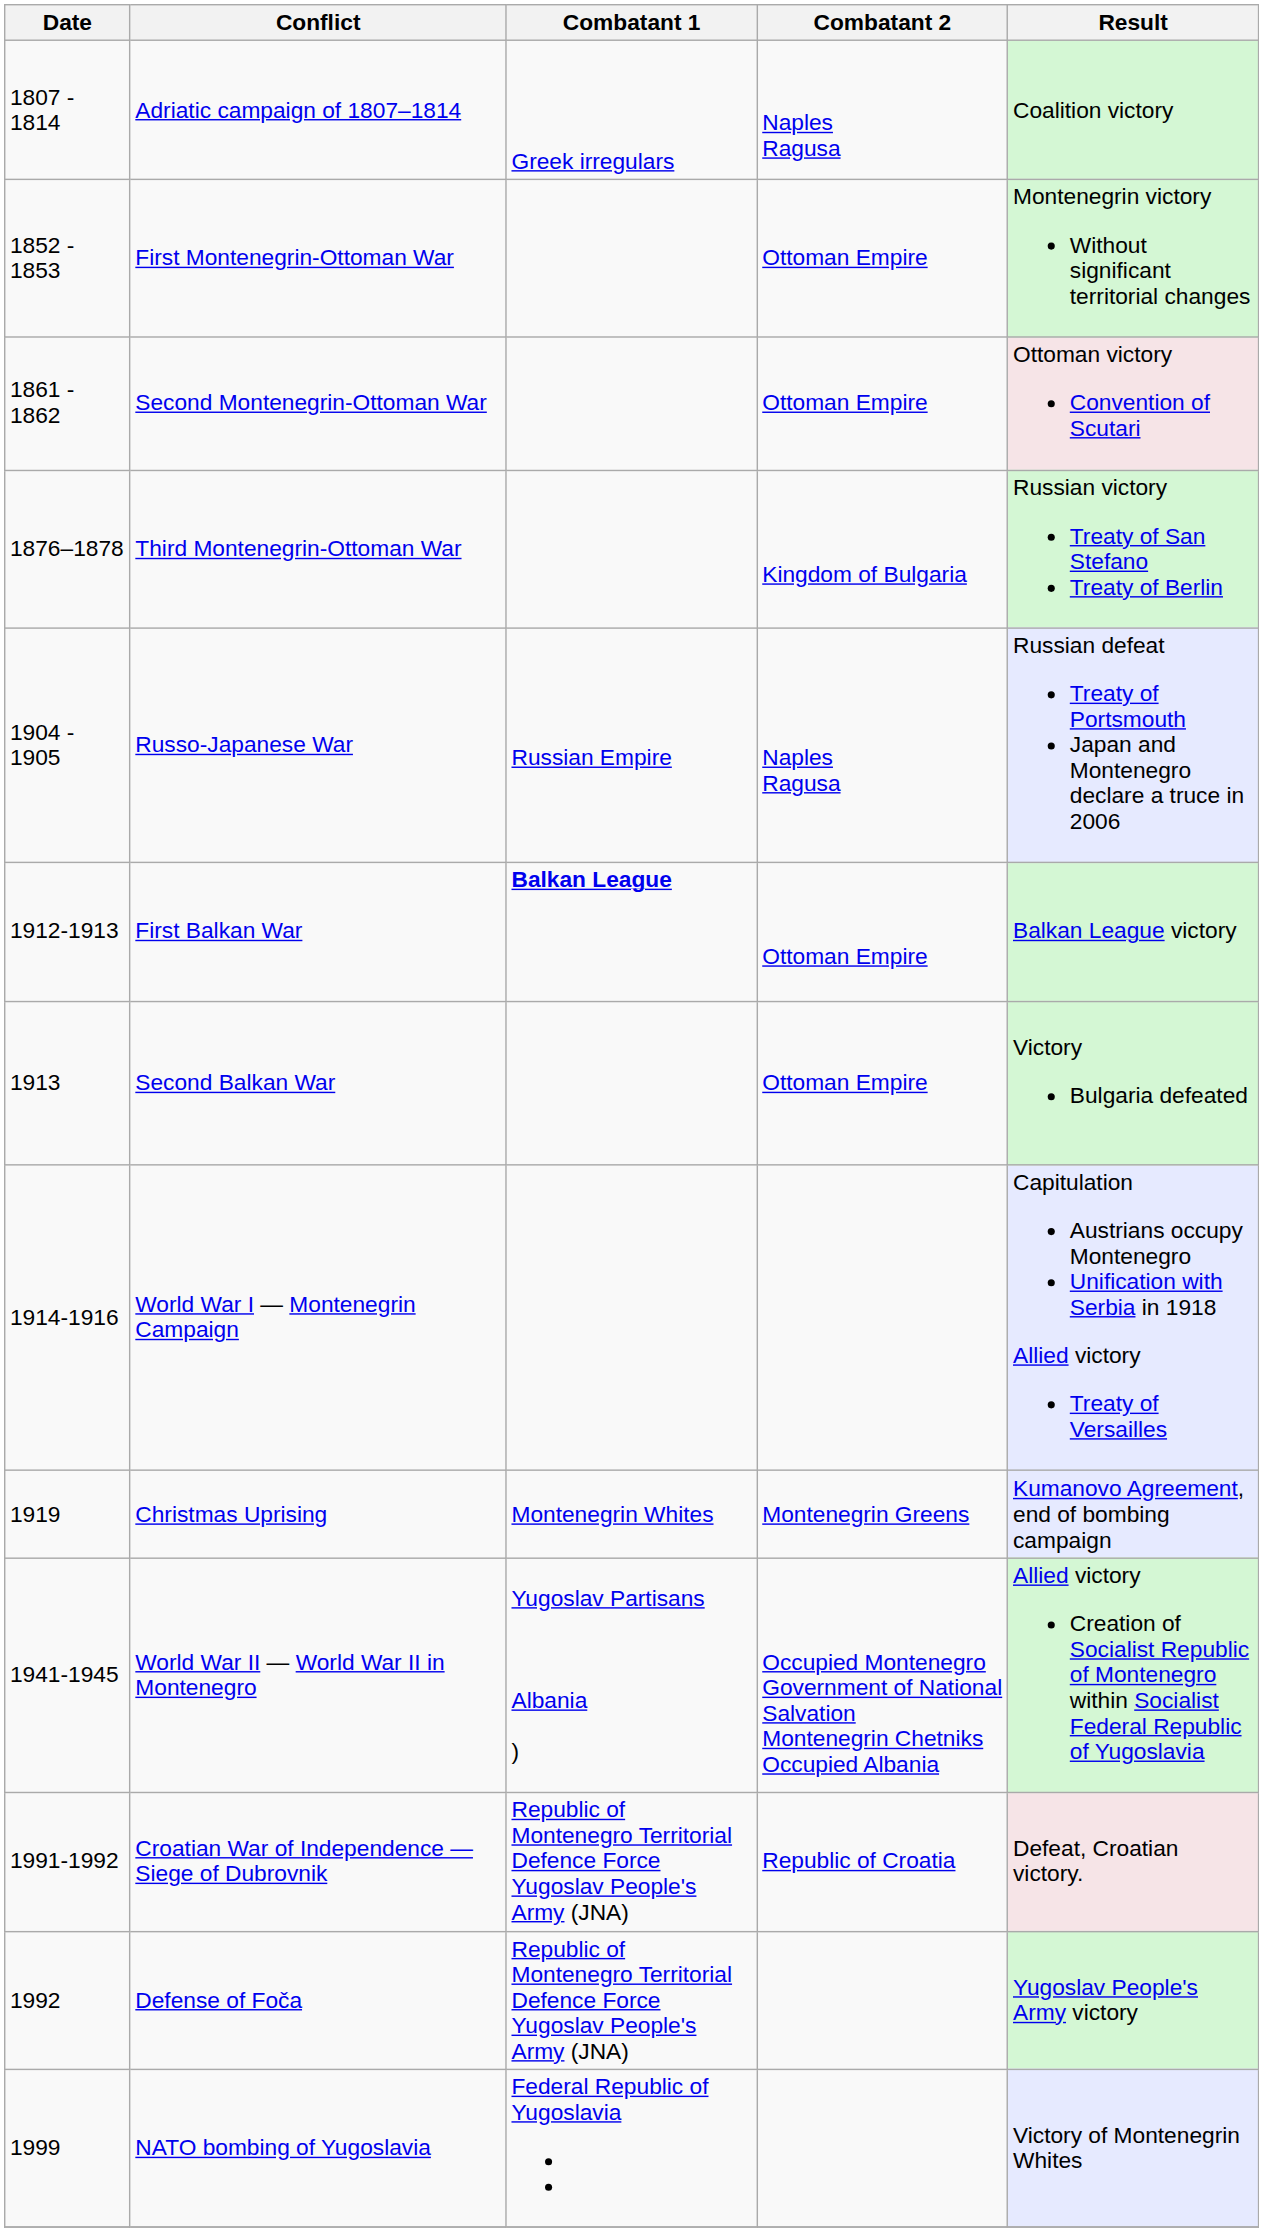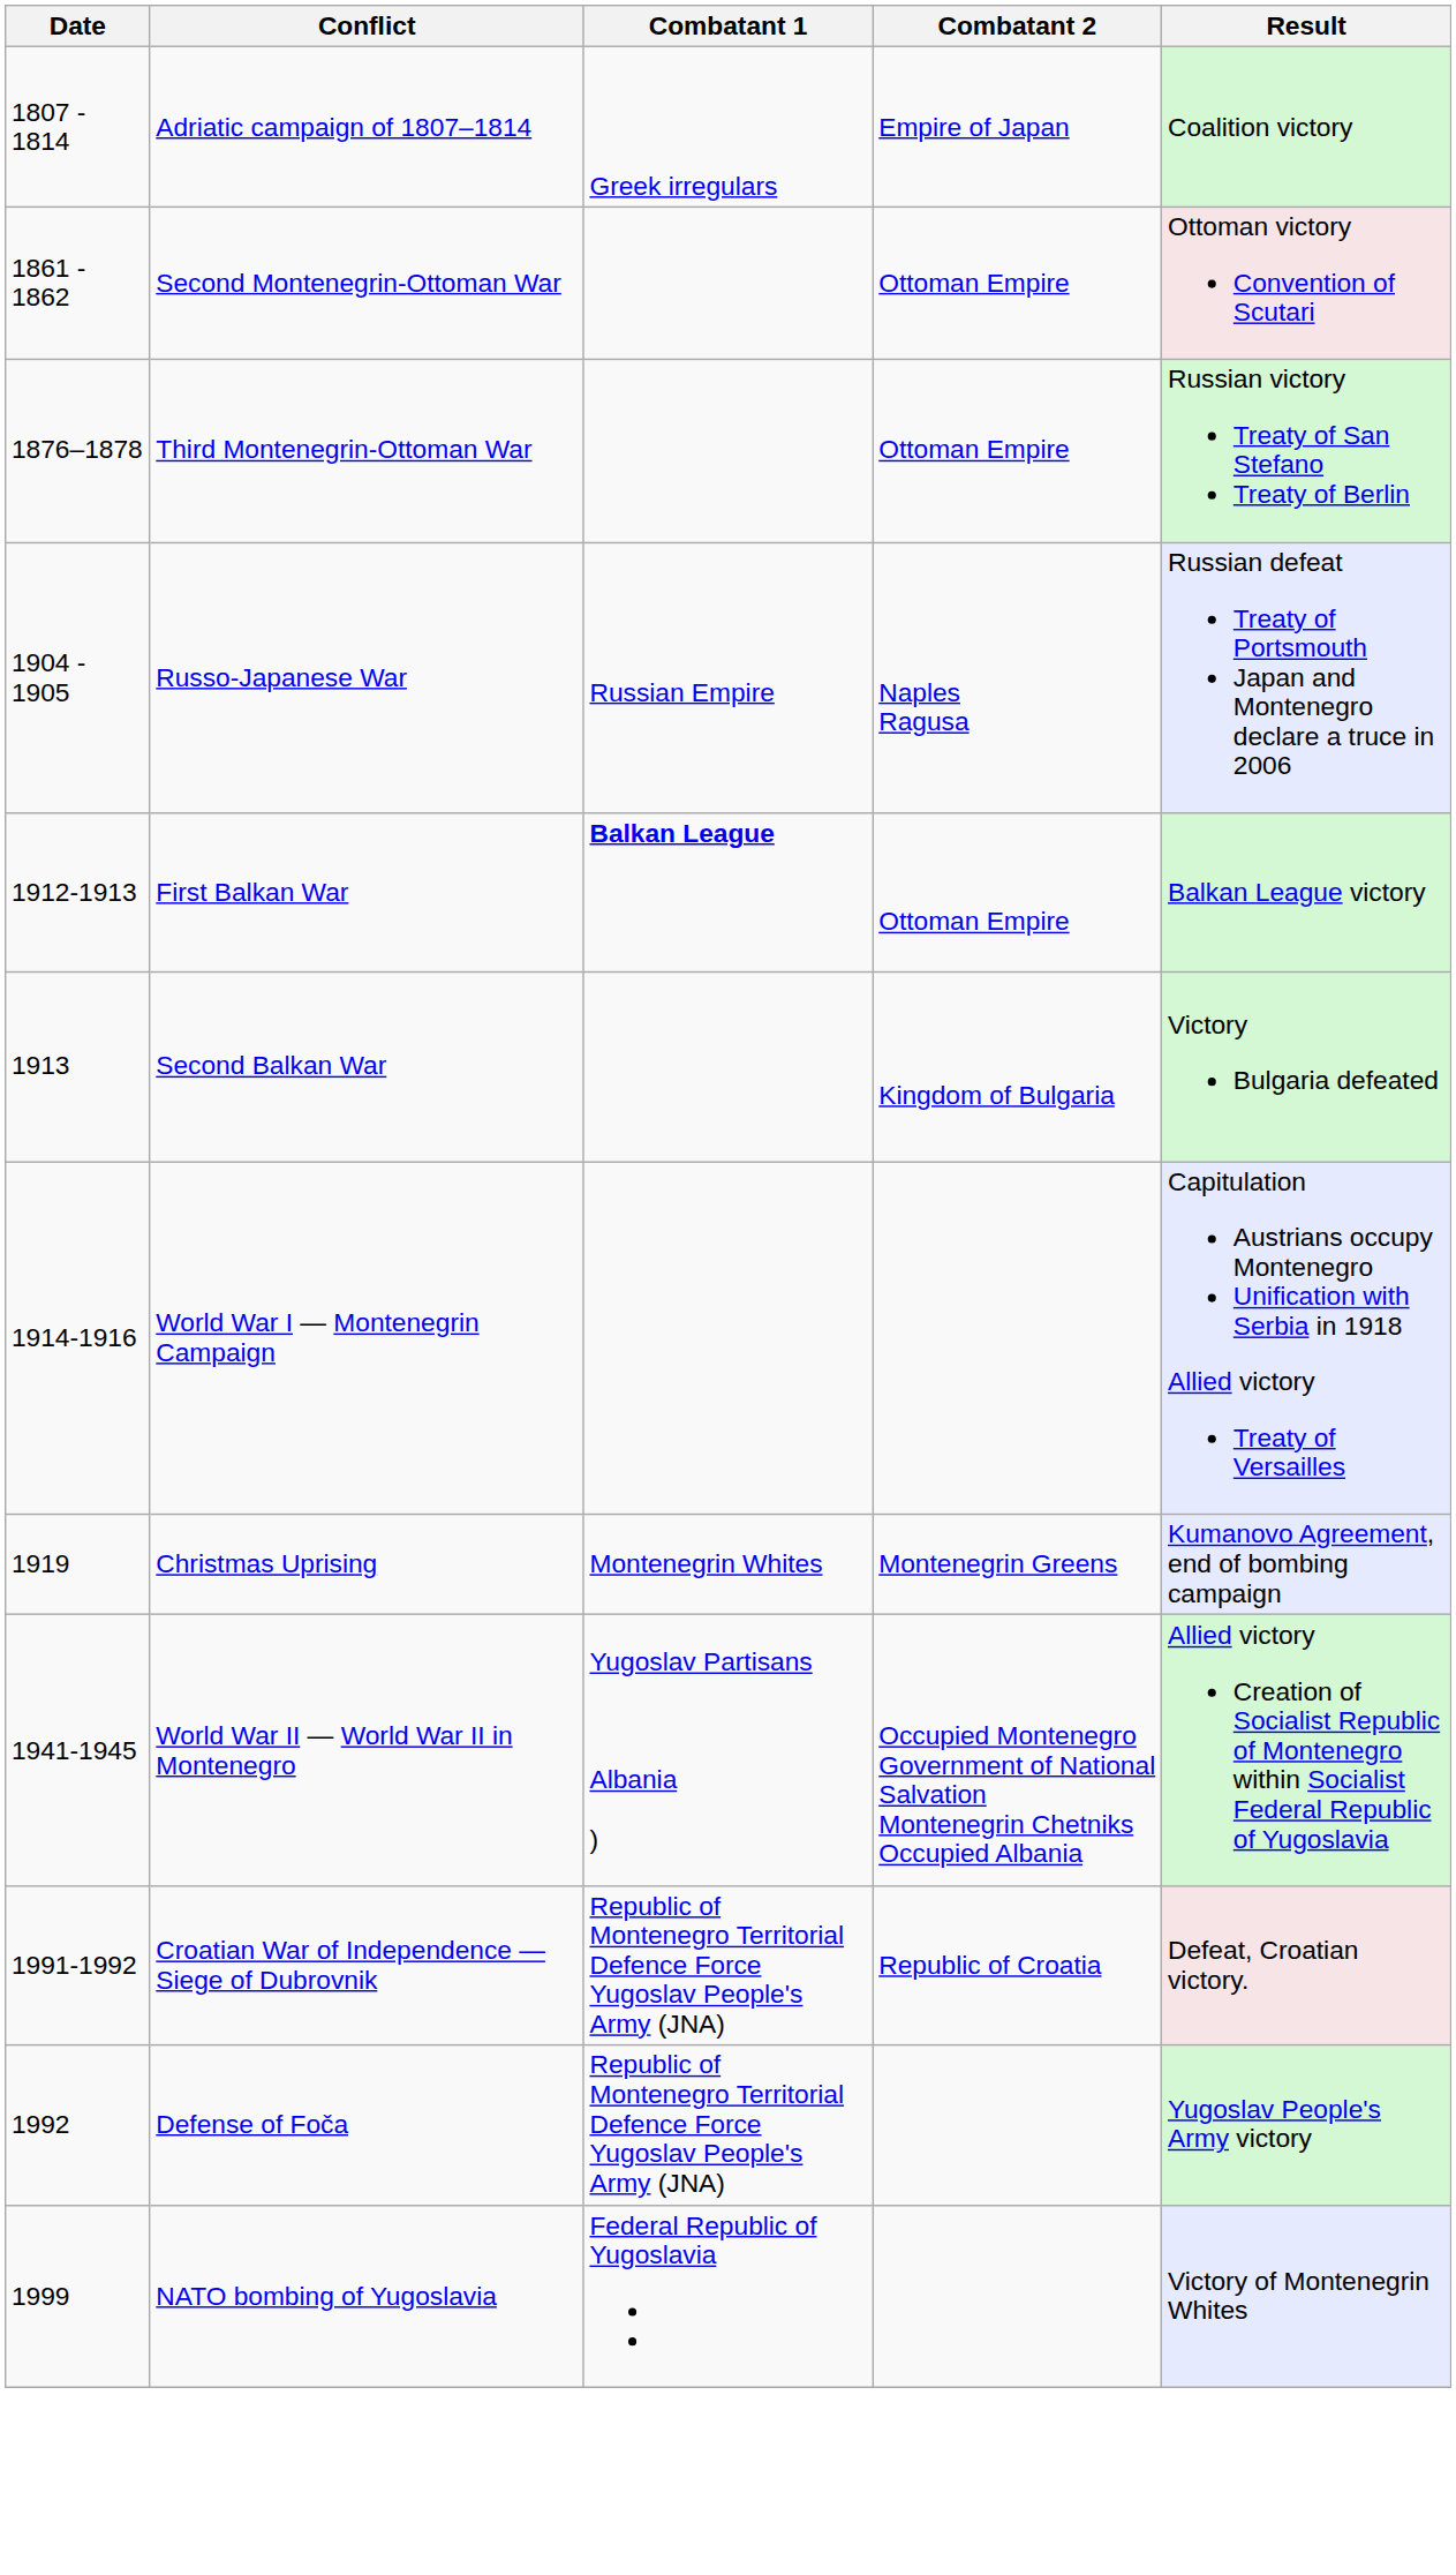 <table class="wikitable" width="100%">
 <tr>
 <th width="10%">Date</th>
 <th width="30%">Conflict</th>
 <th width="20%">Combatant 1</th>
 <th width="20%">Combatant 2</th>
 <th width="20%">Result</th>
 </tr>
 <tr>
 <td>1807 - 1814</td>
 <td><a href='#'>Adriatic campaign of 1807–1814</a></td>
 <td><br> <br>  <br>  <br>  <a href='#'>Greek irregulars</a></td>
-<td> <br>  <br>  <a href='#'>Naples</a><br> <a href='#'>Ragusa</a></td>
+<td> <a href='#'>Empire of Japan</a></td>
 <td style="background:#D4F7D4">Coalition victory</td>
-</tr>
-<tr>
-<td>1852 - 1853</td>
-<td><a href='#'>First Montenegrin-Ottoman War</a></td>
-<td><br></td>
-<td> <a href='#'>Ottoman Empire</a></td>
-<td style="background:#D4F7D4">Montenegrin victory<br><ul><li>Without significant territorial changes</li></ul></td>
 </tr>
 <tr>
 <td>1861 - 1862</td>
 <td><a href='#'>Second Montenegrin-Ottoman War</a></td>
 <td><br></td>
 <td> <a href='#'>Ottoman Empire</a></td>
 <td style="background:#F6E4E7">Ottoman victory<br><ul><li><a href='#'>Convention of Scutari</a></li></ul></td>
 </tr>
 <tr>
 <td>1876–1878</td>
 <td><a href='#'>Third Montenegrin-Ottoman War</a></td>
 <td><br></td>
-<td><br><br> <a href='#'>Kingdom of Bulgaria</a></td>
+<td> <a href='#'>Ottoman Empire</a></td>
 <td style="background:#D4F7D4">Russian victory<br><ul><li><a href='#'>Treaty of San Stefano</a></li><li><a href='#'>Treaty of Berlin</a></li></ul></td>
 </tr>
 <tr>
 <td>1904 - 1905</td>
 <td><a href='#'>Russo-Japanese War</a></td>
 <td><br> <a href='#'>Russian Empire</a><br> </td>
 <td> <br>  <br>  <a href='#'>Naples</a><br> <a href='#'>Ragusa</a></td>
 <td style="background:#E6EAFF">Russian defeat<br><ul><li><a href='#'>Treaty of Portsmouth</a></li><li>Japan and Montenegro declare a truce in 2006</li></ul></td>
 </tr>
 <tr>
 <td>1912-1913</td>
 <td><a href='#'>First Balkan War</a></td>
 <td><strong><a href='#'>Balkan League</a></strong><br><br> <br> <br> <br></td>
 <td><br><br> <a href='#'>Ottoman Empire</a></td>
 <td style="background:#D4F7D4"><a href='#'>Balkan League</a> victory</td>
 </tr>
 <tr>
 <td>1913</td>
 <td><a href='#'>Second Balkan War</a></td>
 <td><br><br> <br> <br> <br> <br></td>
-<td> <a href='#'>Ottoman Empire</a></td>
+<td><br><br> <a href='#'>Kingdom of Bulgaria</a></td>
 <td style="background:#D4F7D4">Victory<br><ul><li>Bulgaria defeated</li></ul></td>
 </tr>
 <tr>
 <td>1914-1916</td>
 <td><a href='#'>World War I</a> — <a href='#'>Montenegrin Campaign</a></td>
 <td><br></td>
 <td></td>
 <td style="background:#E6EAFF">Capitulation<br><ul><li>Austrians occupy Montenegro</li><li><a href='#'>Unification with Serbia</a> in 1918</li></ul><a href='#'>Allied</a> victory<ul><li><a href='#'>Treaty of Versailles</a></li></ul></td>
 </tr>
 <tr>
 <td>1919</td>
 <td><a href='#'>Christmas Uprising</a></td>
 <td> <a href='#'>Montenegrin Whites</a><br></td>
 <td> <a href='#'>Montenegrin Greens</a><br></td>
 <td style="background:#E6EAFF"><a href='#'>Kumanovo Agreement</a>, end of bombing campaign</td>
 </tr>
 <tr>
 <td>1941-1945</td>
 <td><a href='#'>World War II</a> — <a href='#'>World War II in Montenegro</a></td>
 <td> <a href='#'>Yugoslav Partisans</a><br><br><br><br> <a href='#'>Albania</a> <br> <br> )</td>
 <td><br><br> <br>  <a href='#'>Occupied Montenegro</a><br>  <a href='#'>Government of National Salvation</a> <br> <a href='#'>Montenegrin Chetniks</a><br> <a href='#'>Occupied Albania</a> <br></td>
 <td style="background:#D4F7D4"><a href='#'>Allied</a> victory<br><ul><li>Creation of <a href='#'>Socialist Republic of Montenegro</a> within <a href='#'>Socialist Federal Republic of Yugoslavia</a></li></ul></td>
 </tr>
 <tr>
 <td>1991-1992</td>
 <td><a href='#'>Croatian War of Independence — Siege of Dubrovnik</a></td>
 <td> <a href='#'>Republic of Montenegro Territorial Defence Force</a><br> <a href='#'>Yugoslav People's Army</a> (JNA)</td>
 <td> <a href='#'>Republic of Croatia</a></td>
 <td style="background:#F6E4E7">Defeat, Croatian victory.</td>
 </tr>
 <tr>
 <td>1992</td>
 <td><a href='#'>Defense of Foča</a></td>
 <td> <a href='#'>Republic of Montenegro Territorial Defence Force</a><br> <a href='#'>Yugoslav People's Army</a> (JNA)</td>
 <td></td>
 <td style="background:#D4F7D4"><a href='#'>Yugoslav People's Army</a> victory</td>
 </tr>
 <tr>
 <td>1999</td>
 <td><a href='#'>NATO bombing of Yugoslavia</a></td>
 <td> <a href='#'>Federal Republic of Yugoslavia</a><br><ul><li></li><li></li></ul></td>
 <td></td>
 <td style="background:#E6EAFF">Victory of Montenegrin Whites</td>
 </tr>
 <tr>
 </tr>
 </table>
